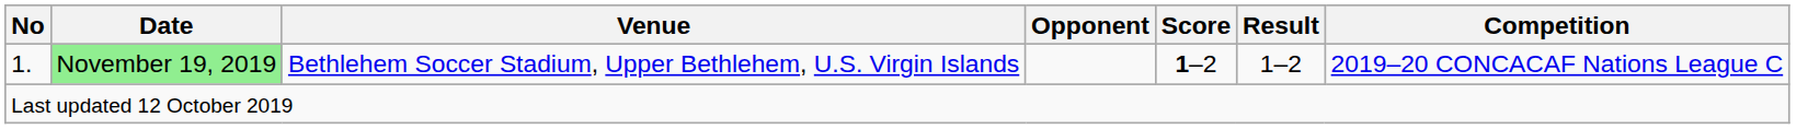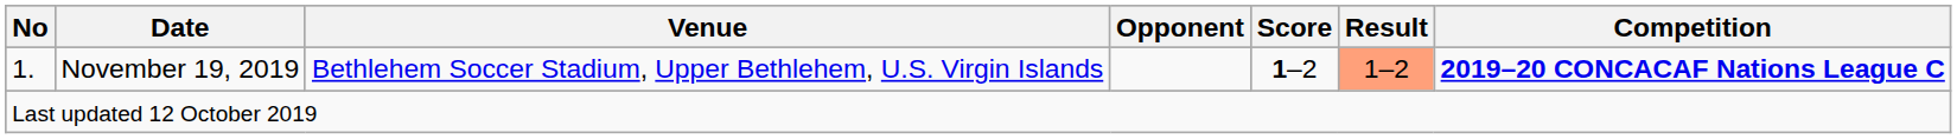 <table class="wikitable" style="font-size:85%;">
 <tr>
 <th>No</th>
 <th>Date</th>
 <th>Venue</th>
 <th>Opponent</th>
 <th>Score</th>
 <th>Result</th>
 <th>Competition</th>
 </tr>
 <tr>
 <td>1.</td>
-<td style="background: lightgreen;">November 19, 2019</td>
+<td>November 19, 2019</td>
 <td><a href='#'>Bethlehem Soccer Stadium</a>, <a href='#'>Upper Bethlehem</a>, <a href='#'>U.S. Virgin Islands</a></td>
 <td></td>
 <td align=center><strong>1</strong>–2</td>
-<td align=center>1–2</td>
-<td><a href='#'>2019–20 CONCACAF Nations League C</a></td>
+<td align=center style="background: lightsalmon;">1–2</td>
+<td><strong><a href='#'>2019–20 CONCACAF Nations League C</a></strong></td>
 </tr>
 <tr>
 <td colspan="7"><small>Last updated 12 October 2019</small></td>
 </tr>
 </table>
